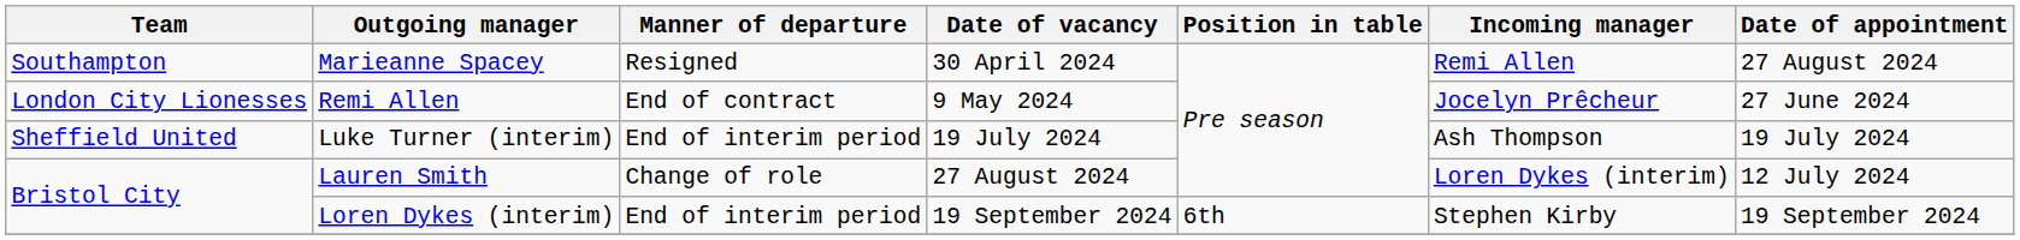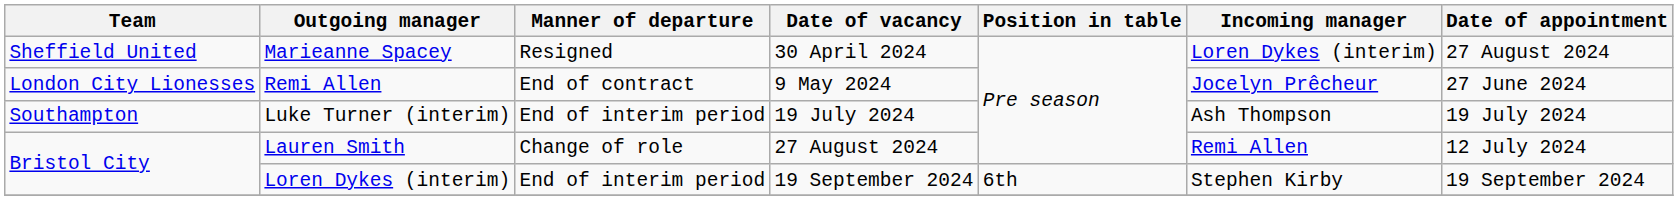 <table class="wikitable sortable">
 <tr>
 <th>Team</th>
 <th>Outgoing manager</th>
 <th>Manner of departure</th>
 <th>Date of vacancy</th>
 <th>Position in table</th>
 <th>Incoming manager</th>
 <th>Date of appointment</th>
 </tr>
 <tr>
-<td><a href='#'>Southampton</a></td>
+<td nowrap><a href='#'>Sheffield United</a></td>
 <td nowrap> <a href='#'>Marieanne Spacey</a></td>
 <td nowrap>Resigned</td>
 <td>30 April 2024</td>
 <td rowspan="4"><em>Pre season</em></td>
-<td nowrap> <a href='#'>Remi Allen</a></td>
+<td nowrap> <a href='#'>Loren Dykes</a> (interim)</td>
 <td>27 August 2024</td>
 </tr>
 <tr>
 <td nowrap><a href='#'>London City Lionesses</a></td>
 <td nowrap> <a href='#'>Remi Allen</a></td>
 <td nowrap>End of contract</td>
 <td>9 May 2024</td>
 <td nowrap> <a href='#'>Jocelyn Prêcheur</a></td>
 <td>27 June 2024</td>
 </tr>
 <tr>
-<td nowrap><a href='#'>Sheffield United</a></td>
+<td><a href='#'>Southampton</a></td>
 <td nowrap> Luke Turner (interim)</td>
 <td nowrap>End of interim period</td>
 <td>19 July 2024</td>
 <td nowrap> Ash Thompson</td>
 <td>19 July 2024</td>
 </tr>
 <tr>
 <td rowspan="2" nowrap><a href='#'>Bristol City</a></td>
 <td nowrap> <a href='#'>Lauren Smith</a></td>
 <td nowrap>Change of role</td>
 <td>27 August 2024</td>
-<td nowrap> <a href='#'>Loren Dykes</a> (interim)</td>
+<td nowrap> <a href='#'>Remi Allen</a></td>
 <td>12 July 2024</td>
 </tr>
 <tr>
 <td nowrap> <a href='#'>Loren Dykes</a> (interim)</td>
 <td nowrap>End of interim period</td>
 <td>19 September 2024</td>
 <td>6th</td>
 <td nowrap> Stephen Kirby</td>
 <td>19 September 2024</td>
 </tr>
 <tr>
 </tr>
 </table>
